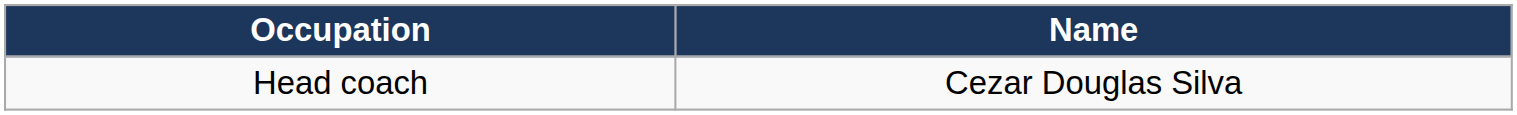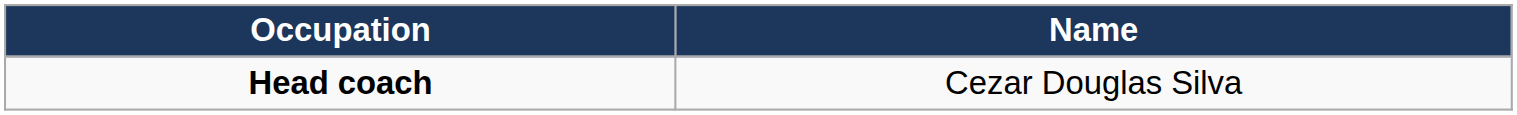 <table class="wikitable" style="font-size:100%; text-align:center">
 <tr>
 <th style="color:#ffffff; background-color:#1c365c; width:20em">Occupation</th>
 <th colspan="2" style="color:#ffffff; background-color:#1c365c; width:25em">Name</th>
 </tr>
 <tr>
-<td>Head coach</td>
+<td><strong>Head coach</strong></td>
 <td colspan="2"> Cezar Douglas Silva</td>
 </tr>
 </table>
